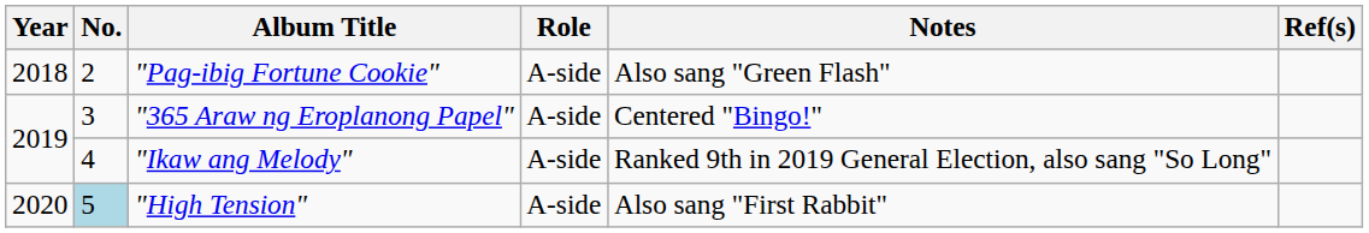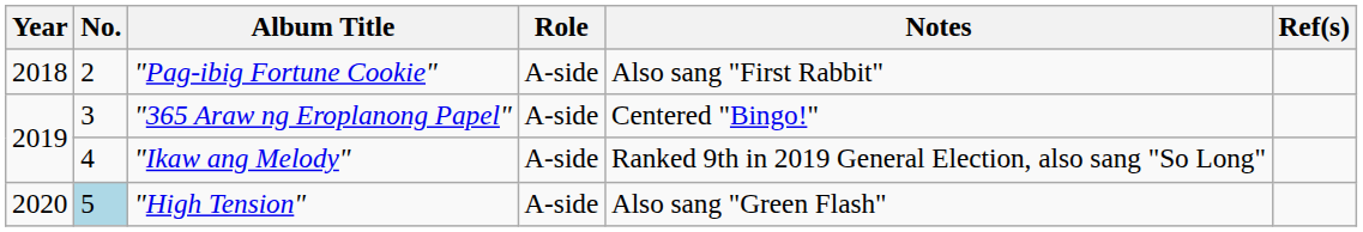 <table class="wikitable sortable">
 <tr>
 <th>Year</th>
 <th data-sort-type="number">No.</th>
 <th>Album Title</th>
 <th>Role</th>
 <th class="unsortable">Notes</th>
 <th>Ref(s)</th>
 </tr>
 <tr>
 <td>2018</td>
 <td>2</td>
 <td><em>"<a href='#'>Pag-ibig Fortune Cookie</a>"</em></td>
 <td>A-side</td>
-<td>Also sang "Green Flash"</td>
+<td>Also sang "First Rabbit"</td>
 <td></td>
 </tr>
 <tr>
 <td rowspan="2">2019</td>
 <td>3</td>
 <td><em>"<a href='#'>365 Araw ng Eroplanong Papel</a>"</em></td>
 <td>A-side</td>
 <td>Centered "<a href='#'>Bingo!</a>"</td>
 <td></td>
 </tr>
 <tr>
 <td>4</td>
 <td><em>"<a href='#'>Ikaw ang Melody</a>"</em></td>
 <td>A-side</td>
 <td>Ranked 9th in 2019 General Election, also sang "So Long"</td>
 <td></td>
 </tr>
 <tr>
 <td>2020</td>
 <td style="background: lightblue;">5</td>
 <td><em>"<a href='#'>High Tension</a>"</em></td>
 <td>A-side</td>
-<td>Also sang "First Rabbit"</td>
+<td>Also sang "Green Flash"</td>
 <td></td>
 </tr>
 </table>
